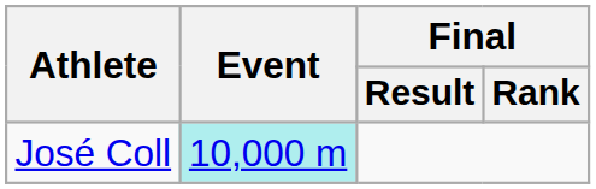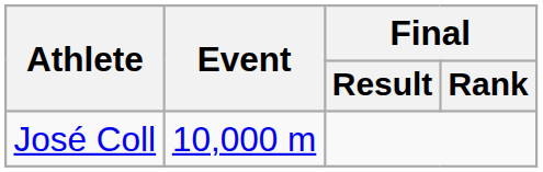 <table class="wikitable" style="font-size:90%">
 <tr>
 <th rowspan="2">Athlete</th>
 <th rowspan="2">Event</th>
 <th colspan="2">Final</th>
 </tr>
 <tr style="font-size:95%">
 <th>Result</th>
 <th>Rank</th>
 </tr>
 <tr align=center>
 <td align=left><a href='#'>José Coll</a></td>
-<td align=left style="background: paleturquoise;"><a href='#'>10,000 m</a></td>
+<td align=left><a href='#'>10,000 m</a></td>
 <td colspan=2></td>
 </tr>
 </table>
